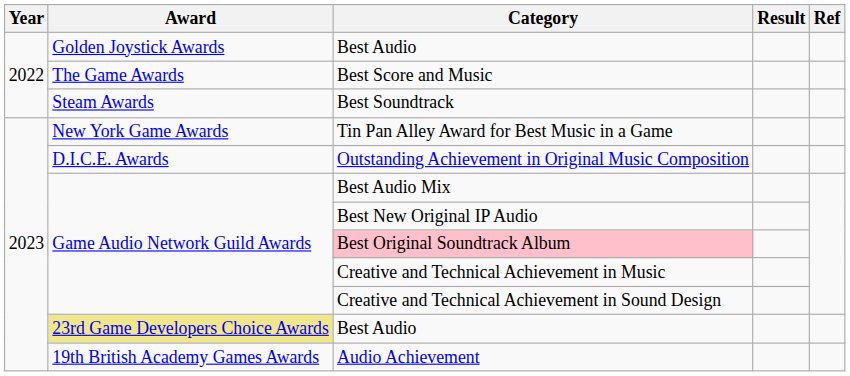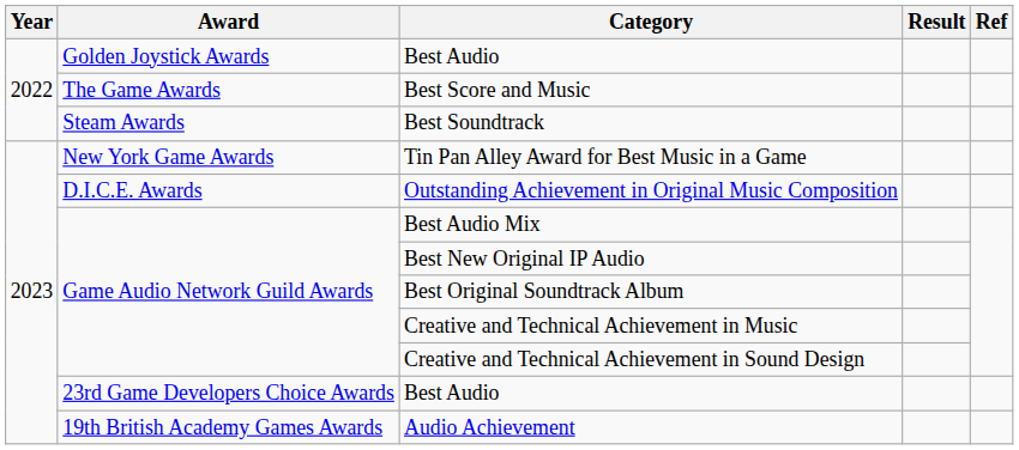 <table class="wikitable sortable plainrowheaders">
 <tr>
 <th>Year</th>
 <th>Award</th>
 <th>Category</th>
 <th>Result</th>
 <th>Ref</th>
 </tr>
 <tr>
 <td style="text-align:center;" rowspan="3">2022</td>
 <td><a href='#'>Golden Joystick Awards</a></td>
 <td>Best Audio</td>
 <td></td>
 <td style="text-align:center;"></td>
 </tr>
 <tr>
 <td><a href='#'>The Game Awards</a></td>
 <td>Best Score and Music</td>
 <td></td>
 <td style="text-align:center;"></td>
 </tr>
 <tr>
 <td><a href='#'>Steam Awards</a></td>
 <td>Best Soundtrack</td>
 <td></td>
 <td style="text-align:center;"></td>
 </tr>
 <tr>
 <td style="text-align:center;" rowspan="9">2023</td>
 <td><a href='#'>New York Game Awards</a></td>
 <td>Tin Pan Alley Award for Best Music in a Game</td>
 <td></td>
 <td style="text-align:center;"></td>
 </tr>
 <tr>
 <td><a href='#'>D.I.C.E. Awards</a></td>
 <td><a href='#'>Outstanding Achievement in Original Music Composition</a></td>
 <td></td>
 <td style="text-align:center;"></td>
 </tr>
 <tr>
 <td rowspan="5"><a href='#'>Game Audio Network Guild Awards</a></td>
 <td>Best Audio Mix</td>
 <td></td>
 <td style="text-align:center;" rowspan="5"></td>
 </tr>
 <tr>
 <td>Best New Original IP Audio</td>
 <td></td>
 </tr>
 <tr>
-<td style="background: pink;">Best Original Soundtrack Album</td>
+<td>Best Original Soundtrack Album</td>
 <td></td>
 </tr>
 <tr>
 <td>Creative and Technical Achievement in Music</td>
 <td></td>
 </tr>
 <tr>
 <td>Creative and Technical Achievement in Sound Design</td>
 <td></td>
 </tr>
 <tr>
-<td style="background: khaki;"><a href='#'>23rd Game Developers Choice Awards</a></td>
+<td><a href='#'>23rd Game Developers Choice Awards</a></td>
 <td>Best Audio</td>
 <td></td>
 <td style="text-align:center;"></td>
 </tr>
 <tr>
 <td><a href='#'>19th British Academy Games Awards</a></td>
 <td><a href='#'>Audio Achievement</a></td>
 <td></td>
 <td style="text-align:center;"></td>
 </tr>
 </table>
